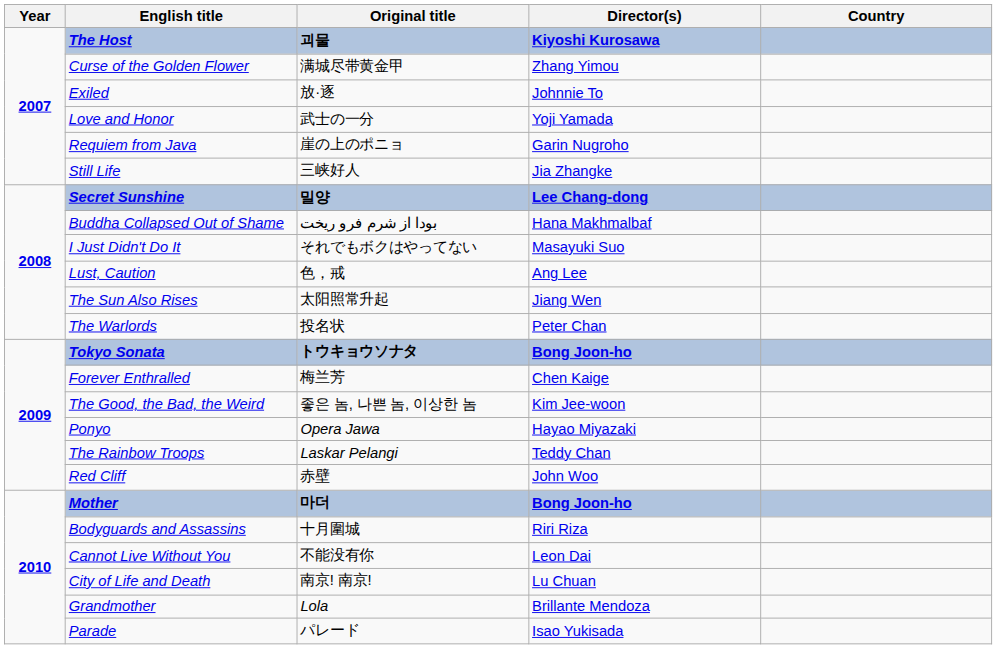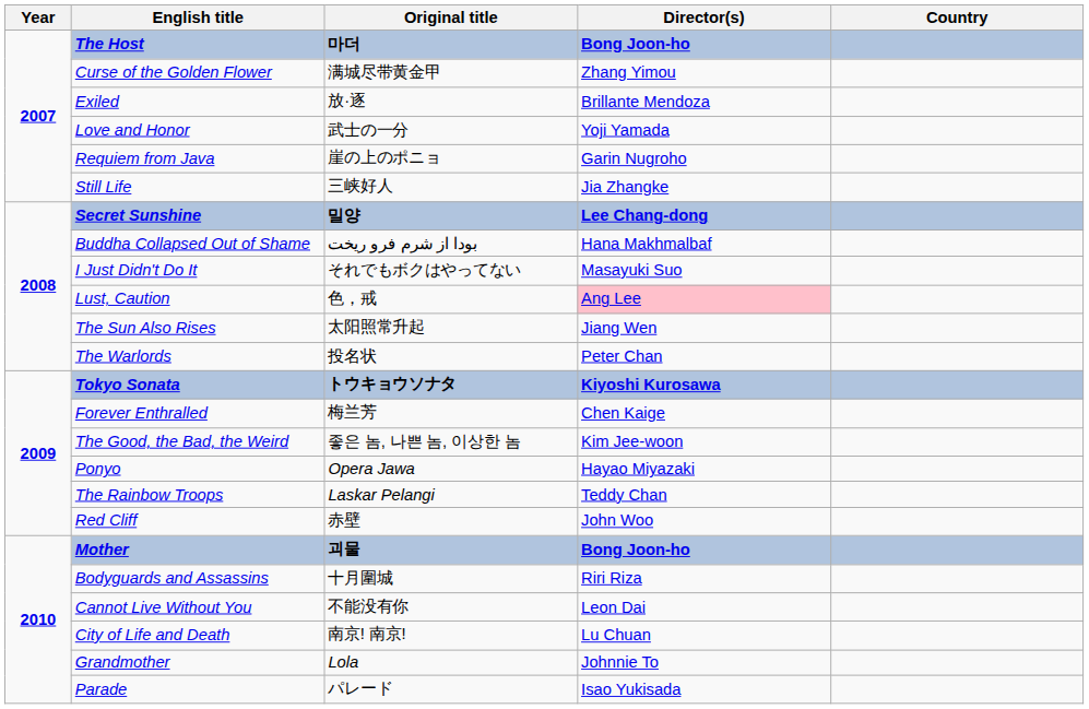 <table class="wikitable" width="85%" cellpadding="5">
 <tr>
 <th width="5%">Year</th>
 <th width="19%">English title</th>
 <th width="19%">Original title</th>
 <th width="19%">Director(s)</th>
 <th width="19%">Country</th>
 </tr>
 <tr>
 <td rowspan="6" style="text-align:center;"><strong><a href='#'>2007</a></strong></td>
 <td style="background:#B0C4DE;"><strong><em><a href='#'>The Host</a></em></strong></td>
-<td style="background:#B0C4DE;"><strong>괴물</strong></td>
-<td style="background:#B0C4DE;"><strong><a href='#'>Kiyoshi Kurosawa</a></strong></td>
+<td style="background:#B0C4DE;"><strong>마더</strong></td>
+<td style="background:#B0C4DE;"><strong><a href='#'>Bong Joon-ho</a></strong></td>
 <td style="background:#B0C4DE;"><strong></strong></td>
 </tr>
 <tr>
 <td><em><a href='#'>Curse of the Golden Flower</a></em></td>
 <td>满城尽带黄金甲</td>
 <td><a href='#'>Zhang Yimou</a></td>
 <td> <br></td>
 </tr>
 <tr>
 <td><em><a href='#'>Exiled</a></em></td>
 <td>放·逐</td>
-<td><a href='#'>Johnnie To</a></td>
+<td><a href='#'>Brillante Mendoza</a></td>
 <td></td>
 </tr>
 <tr>
 <td><em><a href='#'>Love and Honor</a></em></td>
 <td>武士の一分</td>
 <td><a href='#'>Yoji Yamada</a></td>
 <td></td>
 </tr>
 <tr>
 <td><em><a href='#'>Requiem from Java</a></em></td>
 <td>崖の上のポニョ</td>
 <td><a href='#'>Garin Nugroho</a></td>
 <td></td>
 </tr>
 <tr>
 <td><em><a href='#'>Still Life</a> </em></td>
 <td>三峡好人</td>
 <td><a href='#'>Jia Zhangke</a></td>
 <td></td>
 </tr>
 <tr>
 <td rowspan="6" style="text-align:center;"><strong><a href='#'>2008</a></strong></td>
 <td style="background:#B0C4DE;"><strong><em><a href='#'>Secret Sunshine</a></em></strong></td>
 <td style="background:#B0C4DE;"><strong>밀양</strong></td>
 <td style="background:#B0C4DE;"><strong><a href='#'>Lee Chang-dong</a></strong></td>
 <td style="background:#B0C4DE;"><strong></strong></td>
 </tr>
 <tr>
 <td><em><a href='#'>Buddha Collapsed Out of Shame</a></em></td>
 <td>بودا از شرم فرو ریخت</td>
 <td><a href='#'>Hana Makhmalbaf</a></td>
 <td></td>
 </tr>
 <tr>
 <td><em><a href='#'>I Just Didn't Do It</a></em></td>
 <td>それでもボクはやってない</td>
 <td><a href='#'>Masayuki Suo</a></td>
 <td></td>
 </tr>
 <tr>
 <td><em><a href='#'>Lust, Caution</a></em></td>
 <td>色，戒</td>
-<td><a href='#'>Ang Lee</a></td>
+<td style="background: pink;"><a href='#'>Ang Lee</a></td>
 <td> <br></td>
 </tr>
 <tr>
 <td><em><a href='#'>The Sun Also Rises</a></em></td>
 <td>太阳照常升起</td>
 <td><a href='#'>Jiang Wen</a></td>
 <td> <br> </td>
 </tr>
 <tr>
 <td><em><a href='#'>The Warlords</a></em></td>
 <td>投名状</td>
 <td><a href='#'>Peter Chan</a></td>
 <td> <br> </td>
 </tr>
 <tr>
 <td rowspan="6" style="text-align:center;"><strong><a href='#'>2009</a></strong></td>
 <td style="background:#B0C4DE;"><strong><em><a href='#'>Tokyo Sonata</a></em></strong></td>
 <td style="background:#B0C4DE;"><strong>トウキョウソナタ</strong></td>
-<td style="background:#B0C4DE;"><strong><a href='#'>Bong Joon-ho</a></strong></td>
+<td style="background:#B0C4DE;"><strong><a href='#'>Kiyoshi Kurosawa</a></strong></td>
 <td style="background:#B0C4DE;"><strong></strong></td>
 </tr>
 <tr>
 <td><em><a href='#'>Forever Enthralled</a></em></td>
 <td>梅兰芳</td>
 <td><a href='#'>Chen Kaige</a></td>
 <td></td>
 </tr>
 <tr>
 <td><em><a href='#'>The Good, the Bad, the Weird</a> </em></td>
 <td>좋은 놈, 나쁜 놈, 이상한 놈</td>
 <td><a href='#'>Kim Jee-woon</a></td>
 <td></td>
 </tr>
 <tr>
 <td><em><a href='#'>Ponyo</a></em></td>
 <td><em>Opera Jawa</em></td>
 <td><a href='#'>Hayao Miyazaki</a></td>
 <td></td>
 </tr>
 <tr>
 <td><em><a href='#'>The Rainbow Troops</a></em></td>
 <td><em>Laskar Pelangi</em></td>
 <td><a href='#'>Teddy Chan</a></td>
 <td></td>
 </tr>
 <tr>
 <td><em><a href='#'>Red Cliff</a></em></td>
 <td>赤壁</td>
 <td><a href='#'>John Woo</a></td>
 <td></td>
 </tr>
 <tr>
 <td rowspan="6" style="text-align:center;"><strong><a href='#'>2010</a></strong></td>
 <td style="background:#B0C4DE;"><strong><em><a href='#'>Mother</a></em></strong></td>
-<td style="background:#B0C4DE;"><strong>마더</strong></td>
+<td style="background:#B0C4DE;"><strong>괴물</strong></td>
 <td style="background:#B0C4DE;"><strong><a href='#'>Bong Joon-ho</a></strong></td>
 <td style="background:#B0C4DE;"><strong></strong></td>
 </tr>
 <tr>
 <td><em><a href='#'>Bodyguards and Assassins</a></em></td>
 <td>十月圍城</td>
 <td><a href='#'>Riri Riza</a></td>
 <td></td>
 </tr>
 <tr>
 <td><em><a href='#'>Cannot Live Without You</a></em></td>
 <td>不能没有你</td>
 <td><a href='#'>Leon Dai</a></td>
 <td></td>
 </tr>
 <tr>
 <td><em><a href='#'>City of Life and Death</a> </em></td>
 <td>南京! 南京!</td>
 <td><a href='#'>Lu Chuan</a></td>
 <td></td>
 </tr>
 <tr>
 <td><em><a href='#'>Grandmother</a></em></td>
 <td><em>Lola</em></td>
-<td><a href='#'>Brillante Mendoza</a></td>
+<td><a href='#'>Johnnie To</a></td>
 <td></td>
 </tr>
 <tr>
 <td><em><a href='#'>Parade</a></em></td>
 <td>パレード</td>
 <td><a href='#'>Isao Yukisada</a></td>
 <td></td>
 </tr>
 </table>
